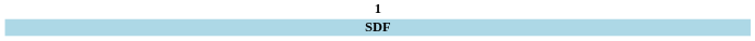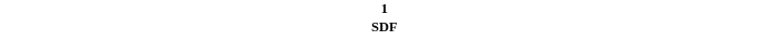 <table style="width:100%; text-align:center;">
 <tr>
 <td style="background:"><strong>1</strong></td>
 </tr>
 <tr>
-<td style="background: lightblue;"><span><strong>SDF</strong></span></td>
+<td><span><strong>SDF</strong></span></td>
 </tr>
 </table>
